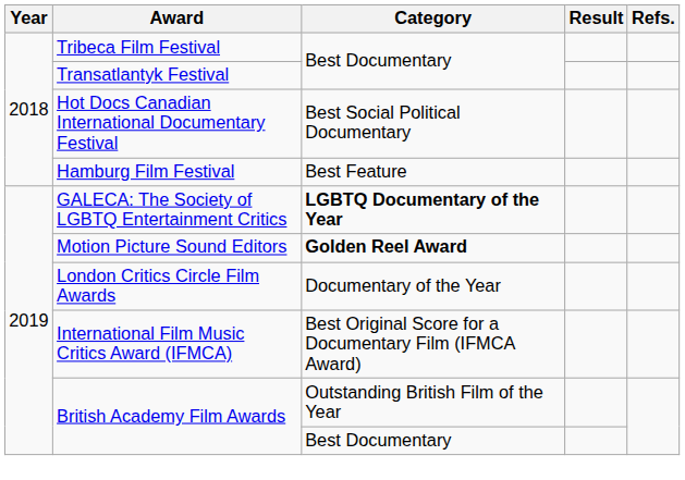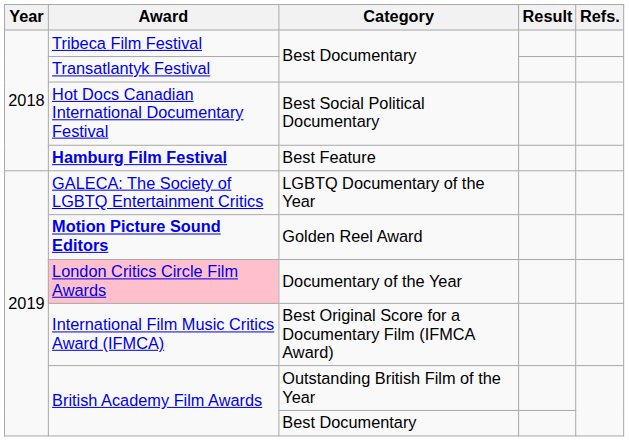 <table class="wikitable">
 <tr>
 <th><strong>Year</strong></th>
 <th>Award</th>
 <th>Category</th>
 <th>Result</th>
 <th>Refs.</th>
 </tr>
 <tr>
 <td rowspan="4">2018</td>
 <td><a href='#'>Tribeca Film Festival</a></td>
 <td rowspan="2">Best Documentary</td>
 <td></td>
 <td></td>
 </tr>
 <tr>
 <td><a href='#'>Transatlantyk Festival</a></td>
 <td></td>
 <td></td>
 </tr>
 <tr>
 <td><a href='#'>Hot Docs Canadian International Documentary Festival</a></td>
 <td>Best Social Political Documentary</td>
 <td></td>
 <td></td>
 </tr>
 <tr>
-<td><a href='#'>Hamburg Film Festival</a></td>
+<td><strong><a href='#'>Hamburg Film Festival</a></strong></td>
 <td>Best Feature</td>
 <td></td>
 <td></td>
 </tr>
 <tr>
 <td rowspan="6">2019</td>
 <td><a href='#'>GALECA: The Society of LGBTQ Entertainment Critics</a></td>
-<td><strong>LGBTQ Documentary of the Year</strong></td>
+<td>LGBTQ Documentary of the Year</td>
 <td></td>
 <td></td>
 </tr>
 <tr>
-<td><a href='#'>Motion Picture Sound Editors</a></td>
-<td><strong>Golden Reel Award</strong></td>
+<td><strong><a href='#'>Motion Picture Sound Editors</a></strong></td>
+<td>Golden Reel Award</td>
 <td></td>
 <td></td>
 </tr>
 <tr>
-<td><a href='#'>London Critics Circle Film Awards</a></td>
+<td style="background: pink;"><a href='#'>London Critics Circle Film Awards</a></td>
 <td>Documentary of the Year</td>
 <td></td>
 <td></td>
 </tr>
 <tr>
 <td><a href='#'>International Film Music Critics Award (IFMCA)</a></td>
 <td>Best Original Score for a Documentary Film (IFMCA Award)</td>
 <td></td>
 <td></td>
 </tr>
 <tr>
 <td rowspan="2"><a href='#'>British Academy Film Awards</a></td>
 <td>Outstanding British Film of the Year</td>
 <td></td>
 <td rowspan="2"></td>
 </tr>
 <tr>
 <td>Best Documentary</td>
 <td></td>
 </tr>
 </table>
